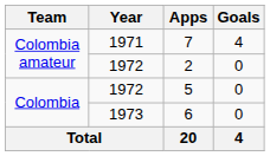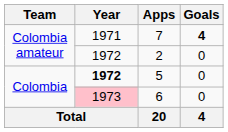 <table class="wikitable" style="text-align: center;">
 <tr>
 <th width="80">Team</th>
 <th width="70">Year</th>
 <th width="45">Apps</th>
 <th width="45">Goals</th>
 </tr>
 <tr>
 <td rowspan="2"><a href='#'>Colombia amateur</a></td>
 <td>1971</td>
 <td>7</td>
-<td>4</td>
+<td><strong>4</strong></td>
 </tr>
 <tr>
 <td>1972</td>
 <td>2</td>
 <td>0</td>
 </tr>
 <tr>
 <td rowspan="2"><a href='#'>Colombia</a></td>
-<td>1972</td>
+<td><strong>1972</strong></td>
 <td>5</td>
 <td>0</td>
 </tr>
 <tr>
-<td>1973</td>
+<td style="background: pink;">1973</td>
 <td>6</td>
 <td>0</td>
 </tr>
 <tr>
 <th colspan=2>Total</th>
 <th>20</th>
 <th>4</th>
 </tr>
 </table>
